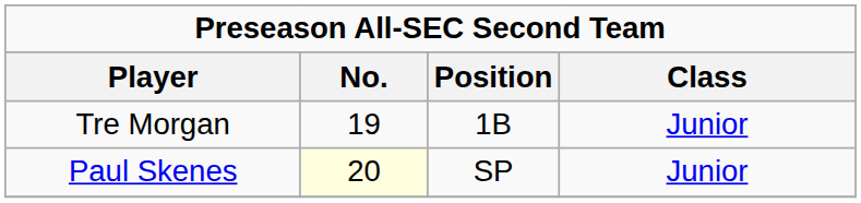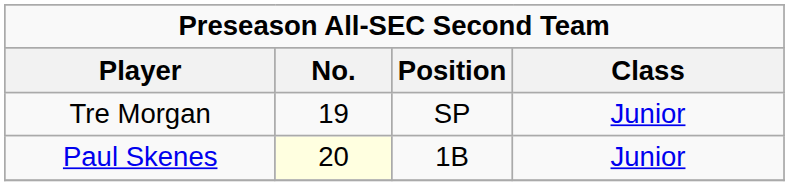 <table class="wikitable" style="text-align:center">
 <tr>
 <td colspan="5"><strong>Preseason All-SEC Second Team</strong></td>
 </tr>
 <tr>
 <th style="width:150px; ">Player</th>
 <th style="width:60px; ">No.</th>
 <th style="width:60px; ">Position</th>
 <th style="width:150px; ">Class</th>
 </tr>
 <tr>
 <td>Tre Morgan</td>
 <td>19</td>
-<td>1B</td>
+<td>SP</td>
 <td><a href='#'>Junior</a></td>
 </tr>
 <tr>
 <td><a href='#'>Paul Skenes</a></td>
 <td style="background: lightyellow;">20</td>
-<td>SP</td>
+<td>1B</td>
 <td><a href='#'>Junior</a></td>
 </tr>
 <tr>
 </tr>
 </table>
